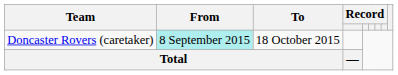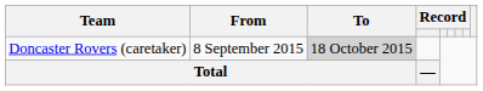 <table class=wikitable style="text-align: center">
 <tr>
 <th rowspan=2>Team</th>
 <th rowspan=2>From</th>
 <th rowspan=2>To</th>
 <th colspan=5>Record</th>
 <th rowspan=2></th>
 </tr>
 <tr>
 <th></th>
 <th></th>
 <th></th>
 <th></th>
 <th></th>
 </tr>
 <tr>
 <td align=left><a href='#'>Doncaster Rovers</a> (caretaker)</td>
-<td align=left style="background: paleturquoise;">8 September 2015</td>
-<td align=left>18 October 2015<br></td>
+<td align=left>8 September 2015</td>
+<td align=left style="background: lightgrey;">18 October 2015<br></td>
 <td></td>
 </tr>
 <tr>
 <th colspan=3>Total<br></th>
 <th>—</th>
 </tr>
 </table>
